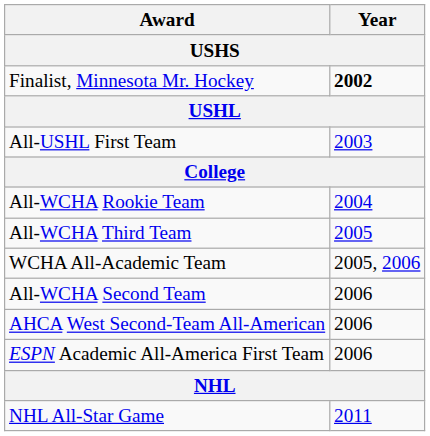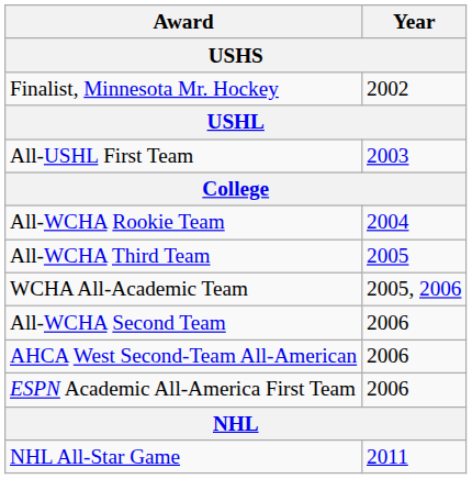 <table class="wikitable">
 <tr>
 <th>Award</th>
 <th>Year</th>
 </tr>
 <tr>
 <th colspan="2">USHS</th>
 </tr>
 <tr>
 <td>Finalist, <a href='#'>Minnesota Mr. Hockey</a></td>
-<td><strong>2002</strong></td>
+<td>2002</td>
 </tr>
 <tr>
 <th colspan="2"><a href='#'>USHL</a></th>
 </tr>
 <tr>
 <td>All-<a href='#'>USHL</a> First Team</td>
 <td><a href='#'>2003</a></td>
 </tr>
 <tr>
 <th colspan="2"><a href='#'>College</a></th>
 </tr>
 <tr>
 <td>All-<a href='#'>WCHA</a> <a href='#'>Rookie Team</a></td>
 <td><a href='#'>2004</a></td>
 </tr>
 <tr>
 <td>All-<a href='#'>WCHA</a> <a href='#'>Third Team</a></td>
 <td><a href='#'>2005</a></td>
 </tr>
 <tr>
 <td>WCHA All-Academic Team</td>
 <td>2005, <a href='#'>2006</a></td>
 </tr>
 <tr>
 <td>All-<a href='#'>WCHA</a> <a href='#'>Second Team</a></td>
 <td>2006</td>
 </tr>
 <tr>
 <td><a href='#'>AHCA</a> <a href='#'>West Second-Team All-American</a></td>
 <td>2006</td>
 </tr>
 <tr>
 <td><em><a href='#'>ESPN</a></em> Academic All-America First Team</td>
 <td>2006</td>
 </tr>
 <tr>
 <th colspan="2"><a href='#'>NHL</a></th>
 </tr>
 <tr>
 <td><a href='#'>NHL All-Star Game</a></td>
 <td><a href='#'>2011</a></td>
 </tr>
 </table>
